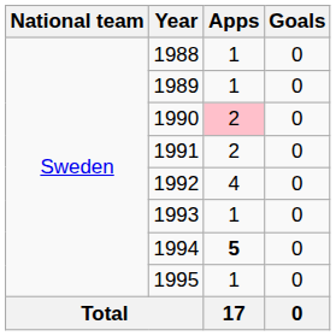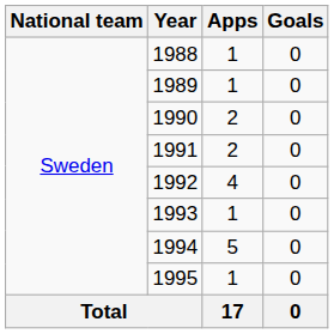 <table class="wikitable" style="text-align:center">
 <tr>
 <th>National team</th>
 <th>Year</th>
 <th>Apps</th>
 <th>Goals</th>
 </tr>
 <tr>
 <td rowspan="8"><a href='#'>Sweden</a></td>
 <td>1988</td>
 <td>1</td>
 <td>0</td>
 </tr>
 <tr>
 <td>1989</td>
 <td>1</td>
 <td>0</td>
 </tr>
 <tr>
 <td>1990</td>
-<td style="background: pink;">2</td>
+<td>2</td>
 <td>0</td>
 </tr>
 <tr>
 <td>1991</td>
 <td>2</td>
 <td>0</td>
 </tr>
 <tr>
 <td>1992</td>
 <td>4</td>
 <td>0</td>
 </tr>
 <tr>
 <td>1993</td>
 <td>1</td>
 <td>0</td>
 </tr>
 <tr>
 <td>1994</td>
-<td><strong>5</strong></td>
+<td>5</td>
 <td>0</td>
 </tr>
 <tr>
 <td>1995</td>
 <td>1</td>
 <td>0</td>
 </tr>
 <tr>
 <th colspan="2">Total</th>
 <th>17</th>
 <th>0</th>
 </tr>
 </table>
